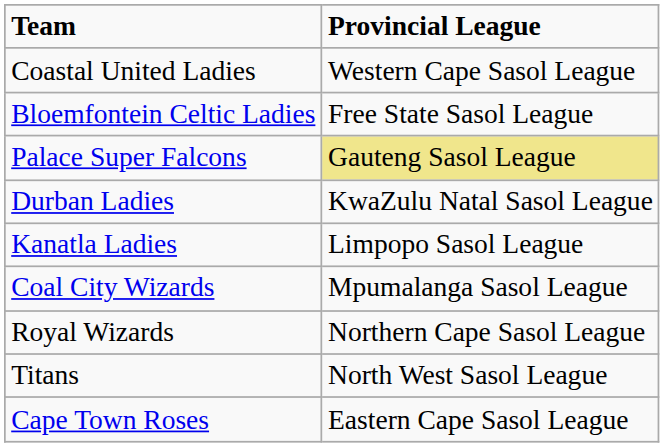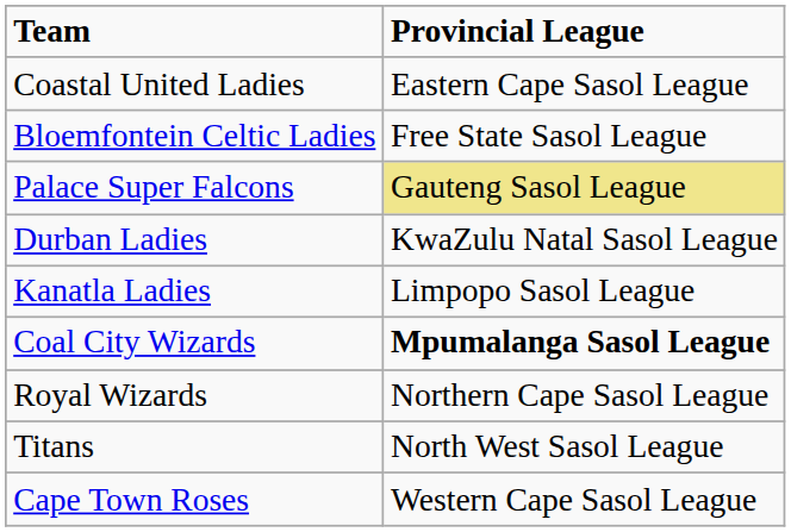 <table class="wikitable sortable" style="text_align: left;">
 <tr>
 <td><strong>Team</strong></td>
 <td><strong>Provincial League</strong></td>
 </tr>
 <tr>
 <td>Coastal United Ladies</td>
-<td>Western Cape Sasol League</td>
+<td>Eastern Cape Sasol League</td>
 </tr>
 <tr>
 <td><a href='#'>Bloemfontein Celtic Ladies</a></td>
 <td>Free State Sasol League</td>
 </tr>
 <tr>
 <td><a href='#'>Palace Super Falcons</a></td>
 <td style="background: khaki;">Gauteng Sasol League</td>
 </tr>
 <tr>
 <td><a href='#'>Durban Ladies</a></td>
 <td>KwaZulu Natal Sasol League</td>
 </tr>
 <tr>
 <td><a href='#'>Kanatla Ladies</a></td>
 <td>Limpopo Sasol League</td>
 </tr>
 <tr>
 <td><a href='#'>Coal City Wizards</a></td>
-<td>Mpumalanga Sasol League</td>
+<td><strong>Mpumalanga Sasol League</strong></td>
 </tr>
 <tr>
 <td>Royal Wizards</td>
 <td>Northern Cape Sasol League</td>
 </tr>
 <tr>
 <td>Titans</td>
 <td>North West Sasol League</td>
 </tr>
 <tr>
 <td><a href='#'>Cape Town Roses</a></td>
-<td>Eastern Cape Sasol League</td>
+<td>Western Cape Sasol League</td>
 </tr>
 </table>
